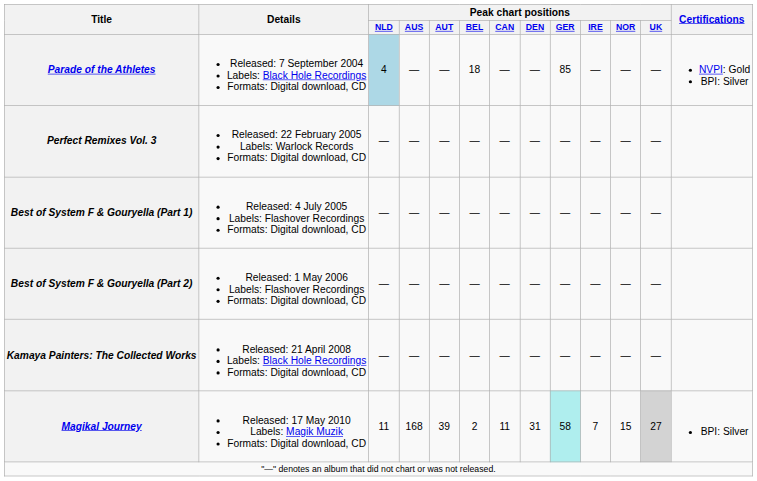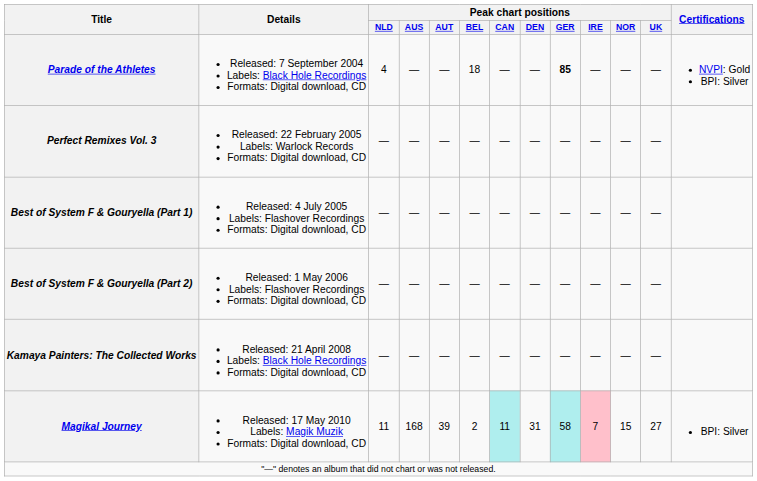 <table class="wikitable plainrowheaders" style="text-align:center;">
 <tr>
 <th scope="col" rowspan="2">Title</th>
 <th scope="col" rowspan="2">Details</th>
 <th scope="col" colspan="10">Peak chart positions</th>
 <th scope="col" rowspan="2"><a href='#'>Certifications</a><br></th>
 </tr>
 <tr>
 <th scope="col" style="width:3em;font-size:85%;"><a href='#'>NLD</a><br></th>
 <th scope="col" style="width:3em;font-size:85%;"><a href='#'>AUS</a><br></th>
 <th scope="col" style="width:3em;font-size:85%;"><a href='#'>AUT</a><br></th>
 <th scope="col" style="width:3em;font-size:85%;"><a href='#'>BEL</a><br></th>
 <th scope="col" style="width:3em;font-size:85%;"><a href='#'>CAN</a><br></th>
 <th scope="col" style="width:3em;font-size:85%;"><a href='#'>DEN</a><br></th>
 <th scope="col" style="width:3em;font-size:85%;"><a href='#'>GER</a><br></th>
 <th scope="col" style="width:3em;font-size:85%;"><a href='#'>IRE</a><br></th>
 <th scope="col" style="width:3em;font-size:85%;"><a href='#'>NOR</a><br></th>
 <th scope="col" style="width:3em;font-size:85%;"><a href='#'>UK</a><br></th>
 </tr>
 <tr>
 <th scope="row"><em><a href='#'>Parade of the Athletes</a></em></th>
 <td><br><ul><li>Released: 7 September 2004</li><li>Labels: <a href='#'>Black Hole Recordings</a></li><li>Formats: Digital download, CD</li></ul></td>
-<td style="background: lightblue;">4</td>
+<td>4</td>
 <td>—</td>
 <td>—</td>
 <td>18</td>
 <td>—</td>
 <td>—</td>
-<td>85</td>
+<td><strong>85</strong></td>
 <td>—</td>
 <td>—</td>
 <td>—</td>
 <td><br><ul><li><a href='#'>NVPI</a>: Gold</li><li>BPI: Silver</li></ul></td>
 </tr>
 <tr>
 <th scope="row"><em>Perfect Remixes Vol. 3</em></th>
 <td><br><ul><li>Released: 22 February 2005</li><li>Labels: Warlock Records</li><li>Formats: Digital download, CD</li></ul></td>
 <td>—</td>
 <td>—</td>
 <td>—</td>
 <td>—</td>
 <td>—</td>
 <td>—</td>
 <td>—</td>
 <td>—</td>
 <td>—</td>
 <td>—</td>
 <td></td>
 </tr>
 <tr>
 <th scope="row"><em>Best of System F & Gouryella (Part 1)</em></th>
 <td><br><ul><li>Released: 4 July 2005</li><li>Labels: Flashover Recordings</li><li>Formats: Digital download, CD</li></ul></td>
 <td>—</td>
 <td>—</td>
 <td>—</td>
 <td>—</td>
 <td>—</td>
 <td>—</td>
 <td>—</td>
 <td>—</td>
 <td>—</td>
 <td>—</td>
 <td></td>
 </tr>
 <tr>
 <th scope="row"><em>Best of System F & Gouryella (Part 2)</em></th>
 <td><br><ul><li>Released: 1 May 2006</li><li>Labels: Flashover Recordings</li><li>Formats: Digital download, CD</li></ul></td>
 <td>—</td>
 <td>—</td>
 <td>—</td>
 <td>—</td>
 <td>—</td>
 <td>—</td>
 <td>—</td>
 <td>—</td>
 <td>—</td>
 <td>—</td>
 <td></td>
 </tr>
 <tr>
 <th scope="row"><em>Kamaya Painters: The Collected Works</em></th>
 <td><br><ul><li>Released: 21 April 2008</li><li>Labels: <a href='#'>Black Hole Recordings</a></li><li>Formats: Digital download, CD</li></ul></td>
 <td>—</td>
 <td>—</td>
 <td>—</td>
 <td>—</td>
 <td>—</td>
 <td>—</td>
 <td>—</td>
 <td>—</td>
 <td>—</td>
 <td>—</td>
 <td></td>
 </tr>
 <tr>
 <th scope="row"><em><a href='#'>Magikal Journey</a></em></th>
 <td><br><ul><li>Released: 17 May 2010</li><li>Labels: <a href='#'>Magik Muzik</a></li><li>Formats: Digital download, CD</li></ul></td>
 <td>11</td>
 <td>168</td>
 <td>39</td>
 <td>2</td>
-<td>11</td>
+<td style="background: paleturquoise;">11</td>
 <td>31</td>
 <td style="background: paleturquoise;">58</td>
-<td>7</td>
+<td style="background: pink;">7</td>
 <td>15</td>
-<td style="background: lightgrey;">27</td>
+<td>27</td>
 <td><br><ul><li>BPI: Silver</li></ul></td>
 </tr>
 <tr>
 <td colspan="18" style="font-size:85%">"—" denotes an album that did not chart or was not released.</td>
 </tr>
 </table>
